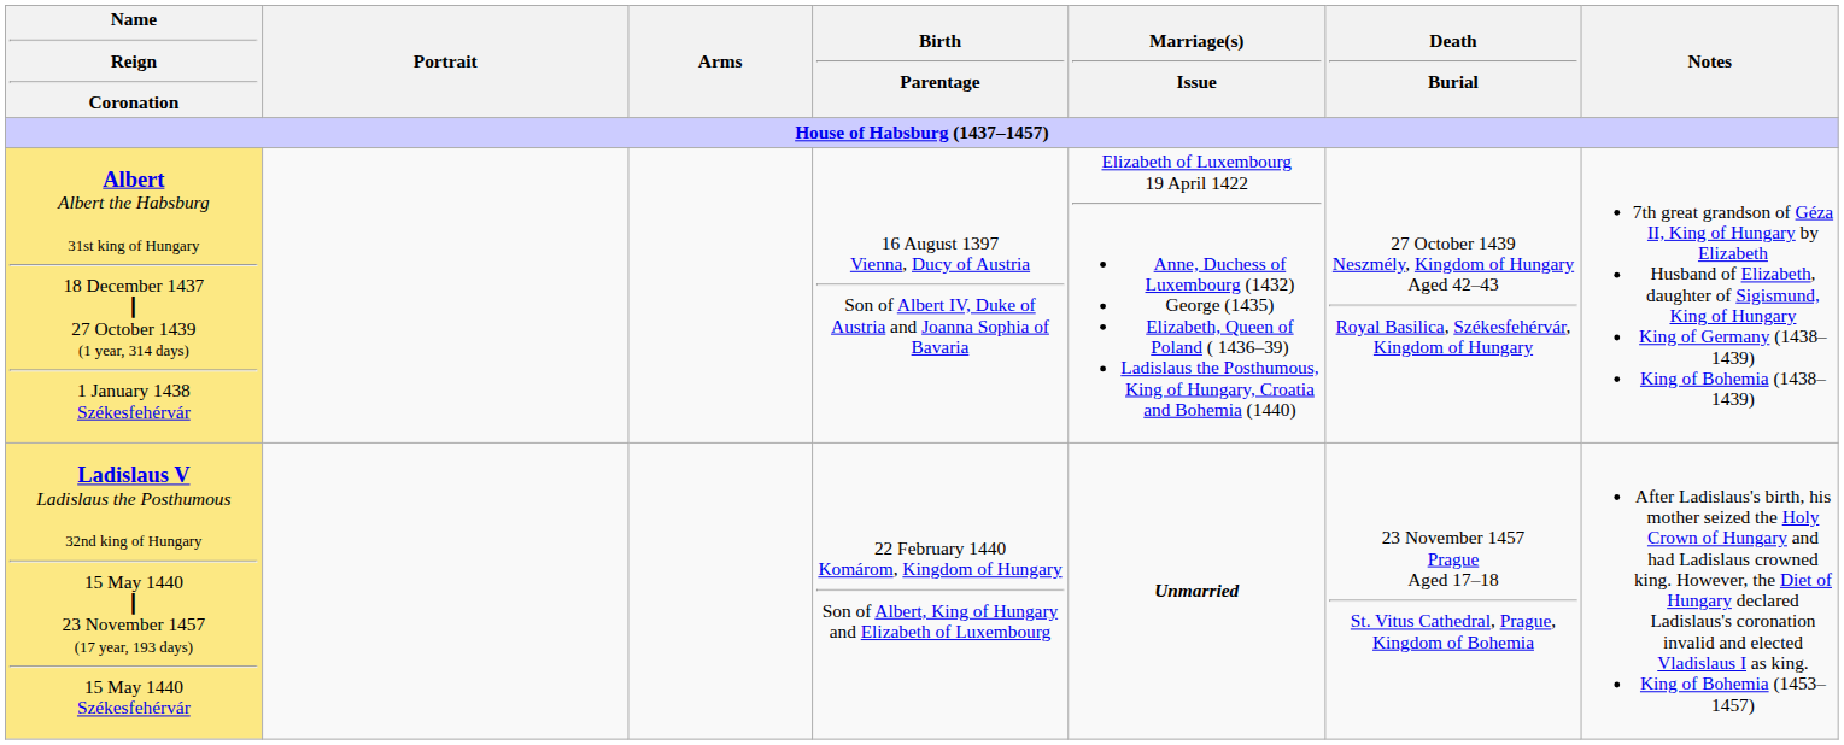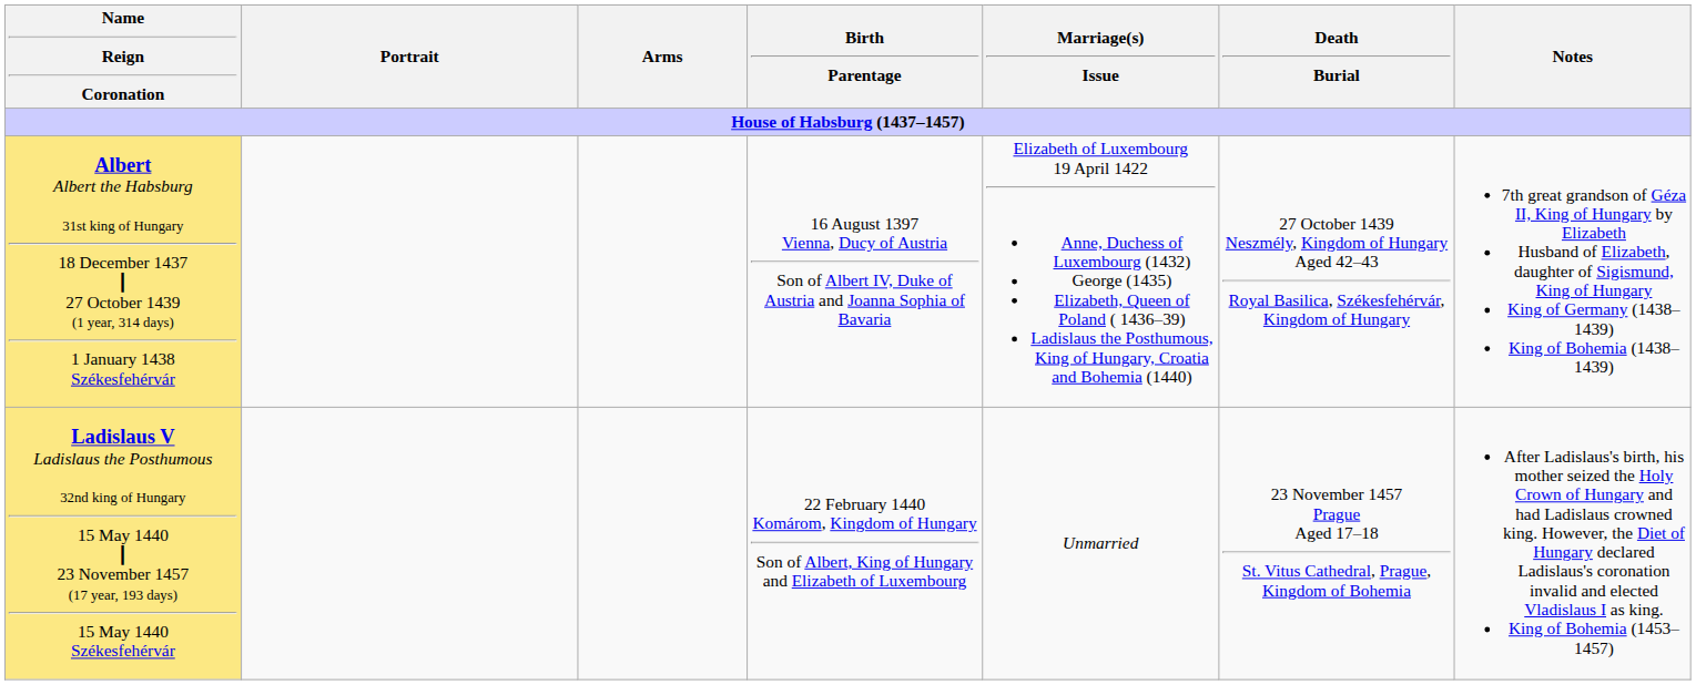 <table style="text-align:Center; width:100%" class="wikitable">
 <tr>
 <th width="14%">Name<hr>Reign<hr>Coronation</th>
 <th width="20%">Portrait</th>
 <th width="10%">Arms</th>
 <th width="14%">Birth<hr>Parentage</th>
 <th width="14%">Marriage(s)<hr>Issue</th>
 <th width="14%">Death<hr>Burial</th>
 <th width="14%">Notes</th>
 </tr>
 <tr>
 <th colspan="7" style="background:#ccccff"><a href='#'>House of Habsburg</a> (1437–1457)</th>
 </tr>
 <tr>
 <td style="background:#FCE883"><strong><a href='#'><big>Albert</big></a></strong><br><em>Albert the Habsburg</em><br><small></small><br><small>31st king of Hungary</small><hr>18 December 1437<br>┃<br>27 October 1439<br><small>(1 year, 314 days)</small><hr>1 January 1438<br><a href='#'>Székesfehérvár</a></td>
 <td></td>
 <td></td>
 <td>16 August 1397<br><a href='#'>Vienna</a>, <a href='#'>Ducy of Austria</a><hr>Son of <a href='#'>Albert IV, Duke of Austria</a> and <a href='#'>Joanna Sophia of Bavaria</a></td>
 <td><a href='#'>Elizabeth of Luxembourg</a><br>19 April 1422<hr><br><ul><li><a href='#'>Anne, Duchess of Luxembourg</a> (1432)</li><li>George (1435)</li><li><a href='#'>Elizabeth, Queen of Poland</a> ( 1436–39)</li><li><a href='#'>Ladislaus the Posthumous, King of Hungary, Croatia and Bohemia</a> (1440)</li></ul></td>
 <td>27 October 1439<br><a href='#'>Neszmély</a>, <a href='#'>Kingdom of Hungary</a><br>Aged 42–43<hr><a href='#'>Royal Basilica</a>, <a href='#'>Székesfehérvár</a>, <a href='#'>Kingdom of Hungary</a></td>
 <td><br><ul><li>7th great grandson of <a href='#'>Géza II, King of Hungary</a> by <a href='#'>Elizabeth</a></li><li>Husband of <a href='#'>Elizabeth</a>, daughter of <a href='#'>Sigismund, King of Hungary</a></li><li><a href='#'>King of Germany</a> (1438–1439)</li><li><a href='#'>King of Bohemia</a> (1438–1439)</li></ul></td>
 </tr>
 <tr>
 <td style="background:#FCE883"><strong><a href='#'><big>Ladislaus V</big></a></strong><br><em>Ladislaus the Posthumous</em><br><small></small><br><small>32nd king of Hungary</small><hr>15 May 1440<br>┃<br>23 November 1457<br><small>(17 year, 193 days)</small><hr>15 May 1440<br><a href='#'>Székesfehérvár</a></td>
 <td></td>
 <td></td>
 <td>22 February 1440<br><a href='#'>Komárom</a>, <a href='#'>Kingdom of Hungary</a><hr>Son of <a href='#'>Albert, King of Hungary</a> and <a href='#'>Elizabeth of Luxembourg</a></td>
-<td><strong><em>Unmarried</em></strong></td>
+<td><em>Unmarried</em></td>
 <td>23 November 1457<br><a href='#'>Prague</a><br>Aged 17–18<hr><a href='#'>St. Vitus Cathedral</a>, <a href='#'>Prague</a>, <a href='#'>Kingdom of Bohemia</a></td>
 <td><br><ul><li>After Ladislaus's birth, his mother seized the <a href='#'>Holy Crown of Hungary</a> and had Ladislaus crowned king. However, the <a href='#'>Diet of Hungary</a> declared Ladislaus's coronation invalid and elected <a href='#'>Vladislaus I</a> as king.</li><li><a href='#'>King of Bohemia</a> (1453–1457)</li></ul></td>
 </tr>
 </table>
